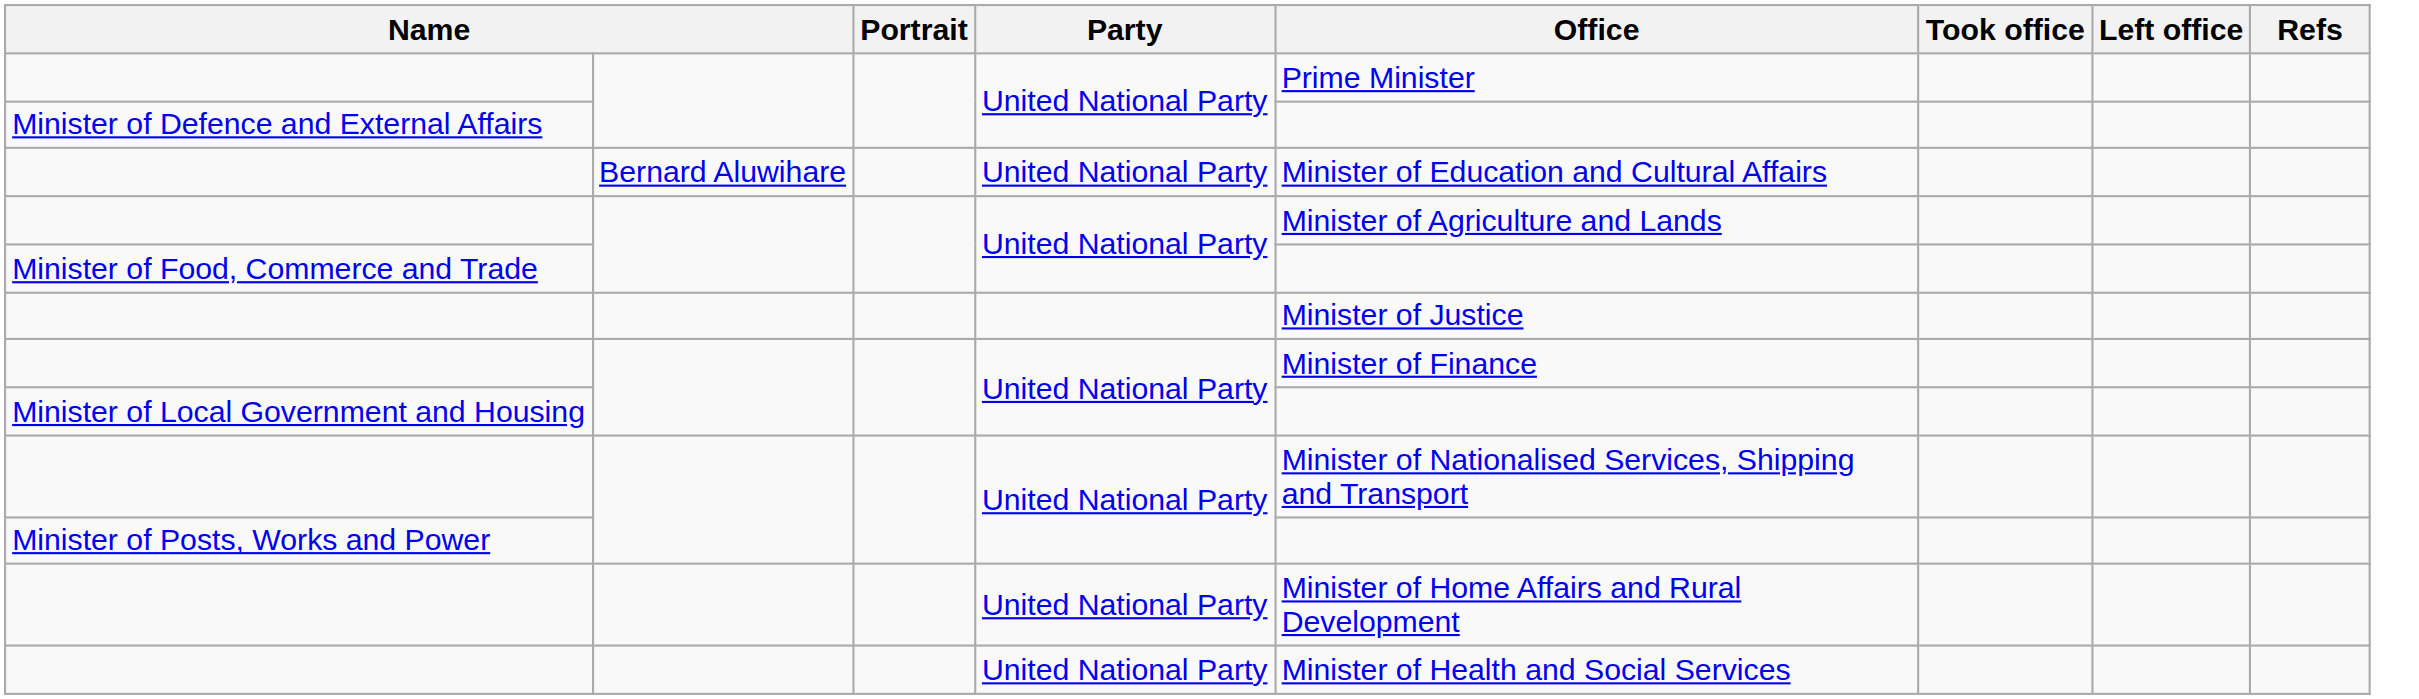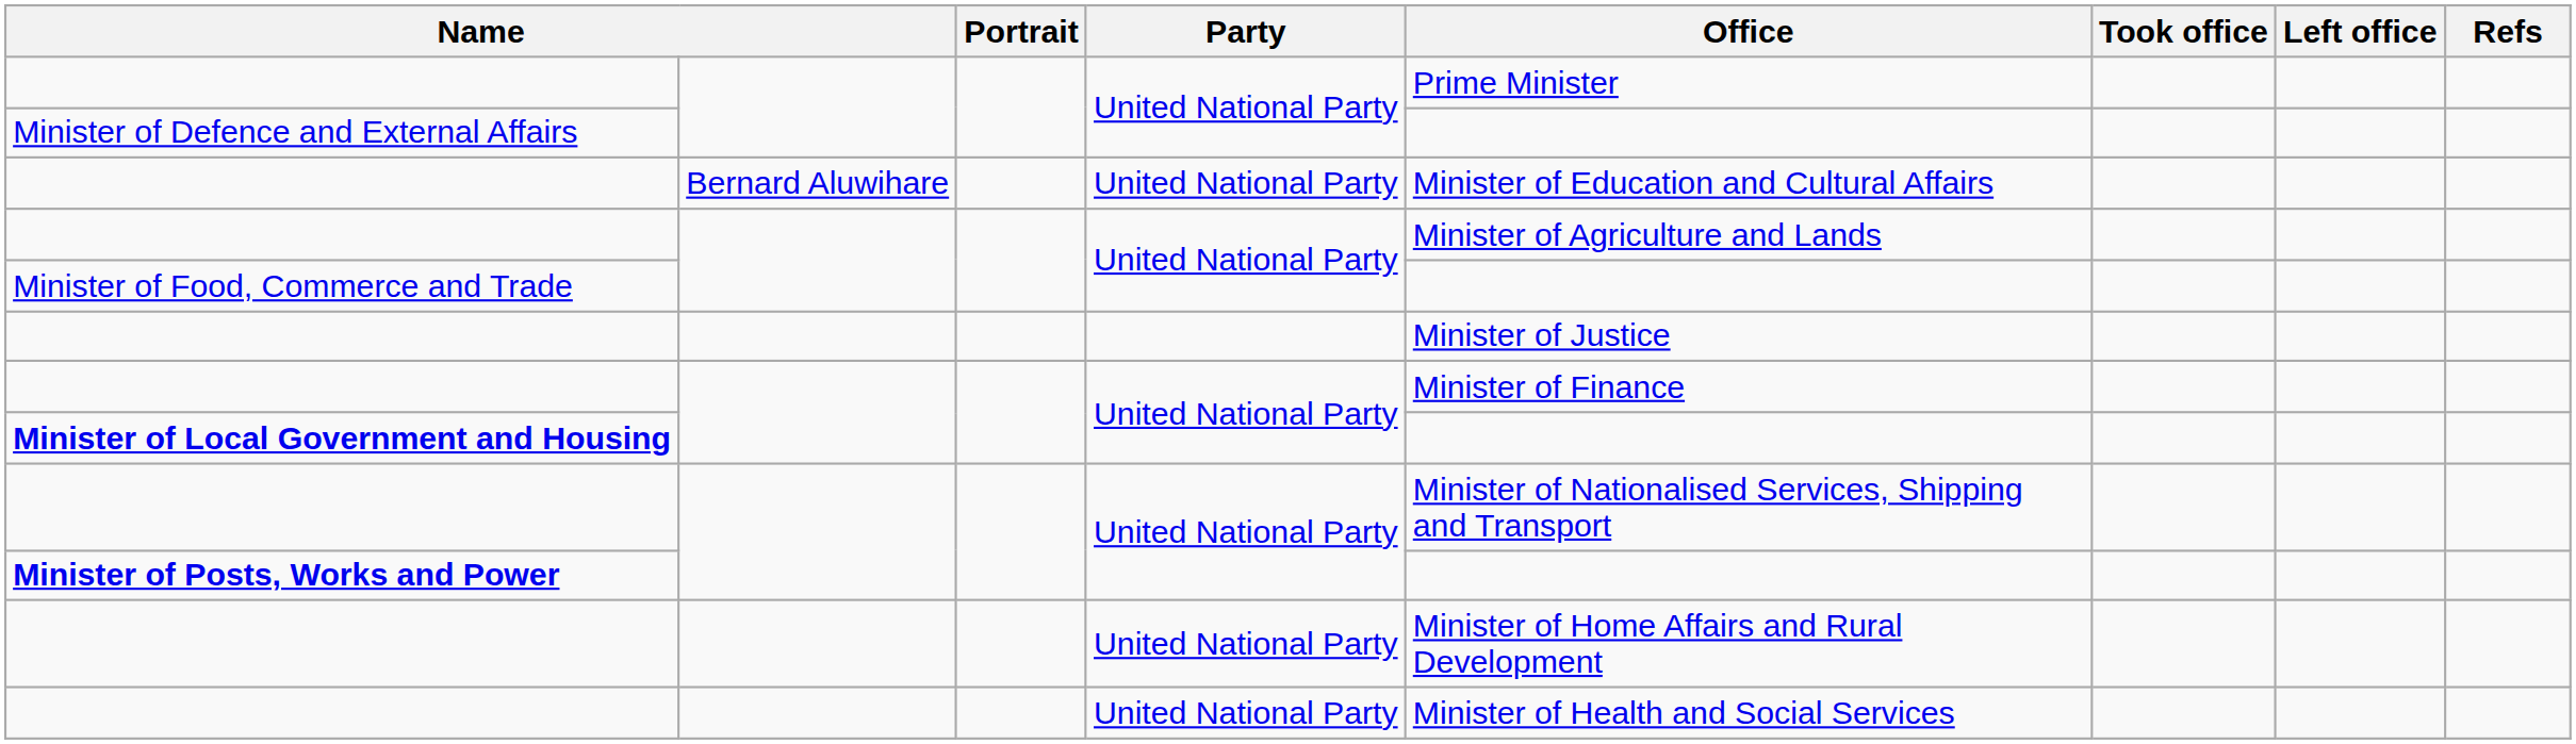 <table class="wikitable plainrowheaders sortable" style="font-size:90%; text-align:left;">
 <tr>
 <th scope=col colspan="2">Name</th>
 <th scope=col class=unsortable>Portrait</th>
 <th scope=col>Party</th>
 <th scope=col width=300px>Office</th>
 <th scope=col>Took office</th>
 <th scope=col>Left office</th>
 <th scope=col width=50px class=unsortable>Refs</th>
 </tr>
 <tr>
 <td !align="center" style="background:"></td>
 <td rowspan=2></td>
 <td align=center rowspan=2></td>
 <td rowspan=2><a href='#'>United National Party</a></td>
 <td><a href='#'>Prime Minister</a></td>
 <td align=center></td>
 <td align=center></td>
 <td align=center></td>
 </tr>
 <tr>
 <td><a href='#'>Minister of Defence and External Affairs</a></td>
 <td align=center></td>
 <td align=center></td>
 <td align=center></td>
 </tr>
 <tr>
 <td !align="center" style="background:"></td>
 <td><a href='#'>Bernard Aluwihare</a></td>
 <td align=center></td>
 <td><a href='#'>United National Party</a></td>
 <td><a href='#'>Minister of Education and Cultural Affairs</a></td>
 <td align=center></td>
 <td align=center></td>
 <td align=center></td>
 </tr>
 <tr>
 <td !align="center" style="background:"></td>
 <td rowspan=2></td>
 <td align=center rowspan=2></td>
 <td rowspan=2><a href='#'>United National Party</a></td>
 <td><a href='#'>Minister of Agriculture and Lands</a></td>
 <td align=center></td>
 <td align=center></td>
 <td align=center></td>
 </tr>
 <tr>
 <td><a href='#'>Minister of Food, Commerce and Trade</a></td>
 <td align=center></td>
 <td align=center></td>
 <td align=center></td>
 </tr>
 <tr>
 <td></td>
 <td></td>
 <td align=center></td>
 <td></td>
 <td><a href='#'>Minister of Justice</a></td>
 <td align=center></td>
 <td align=center></td>
 <td align=center></td>
 </tr>
 <tr>
 <td !align="center" style="background:"></td>
 <td rowspan=2></td>
 <td align=center rowspan=2></td>
 <td rowspan=2><a href='#'>United National Party</a></td>
 <td><a href='#'>Minister of Finance</a></td>
 <td align=center></td>
 <td align=center></td>
 <td align=center></td>
 </tr>
 <tr>
-<td><a href='#'>Minister of Local Government and Housing</a></td>
+<td><strong><a href='#'>Minister of Local Government and Housing</a></strong></td>
 <td align=center></td>
 <td align=center></td>
 <td align=center></td>
 </tr>
 <tr>
 <td !align="center" style="background:"></td>
 <td rowspan=2></td>
 <td align=center rowspan=2></td>
 <td rowspan=2><a href='#'>United National Party</a></td>
 <td><a href='#'>Minister of Nationalised Services, Shipping and Transport</a></td>
 <td align=center></td>
 <td align=center></td>
 <td align=center></td>
 </tr>
 <tr>
-<td><a href='#'>Minister of Posts, Works and Power</a></td>
+<td><strong><a href='#'>Minister of Posts, Works and Power</a></strong></td>
 <td align=center></td>
 <td align=center></td>
 <td align=center></td>
 </tr>
 <tr>
 <td !align="center" style="background:"></td>
 <td></td>
 <td align=center></td>
 <td><a href='#'>United National Party</a></td>
 <td><a href='#'>Minister of Home Affairs and Rural Development</a></td>
 <td align=center></td>
 <td align=center></td>
 <td align=center></td>
 </tr>
 <tr>
 <td></td>
 <td></td>
 <td align=center></td>
 <td><a href='#'>United National Party</a></td>
 <td><a href='#'>Minister of Health and Social Services</a></td>
 <td align=center></td>
 <td align=center></td>
 <td align=center></td>
 </tr>
 </table>
